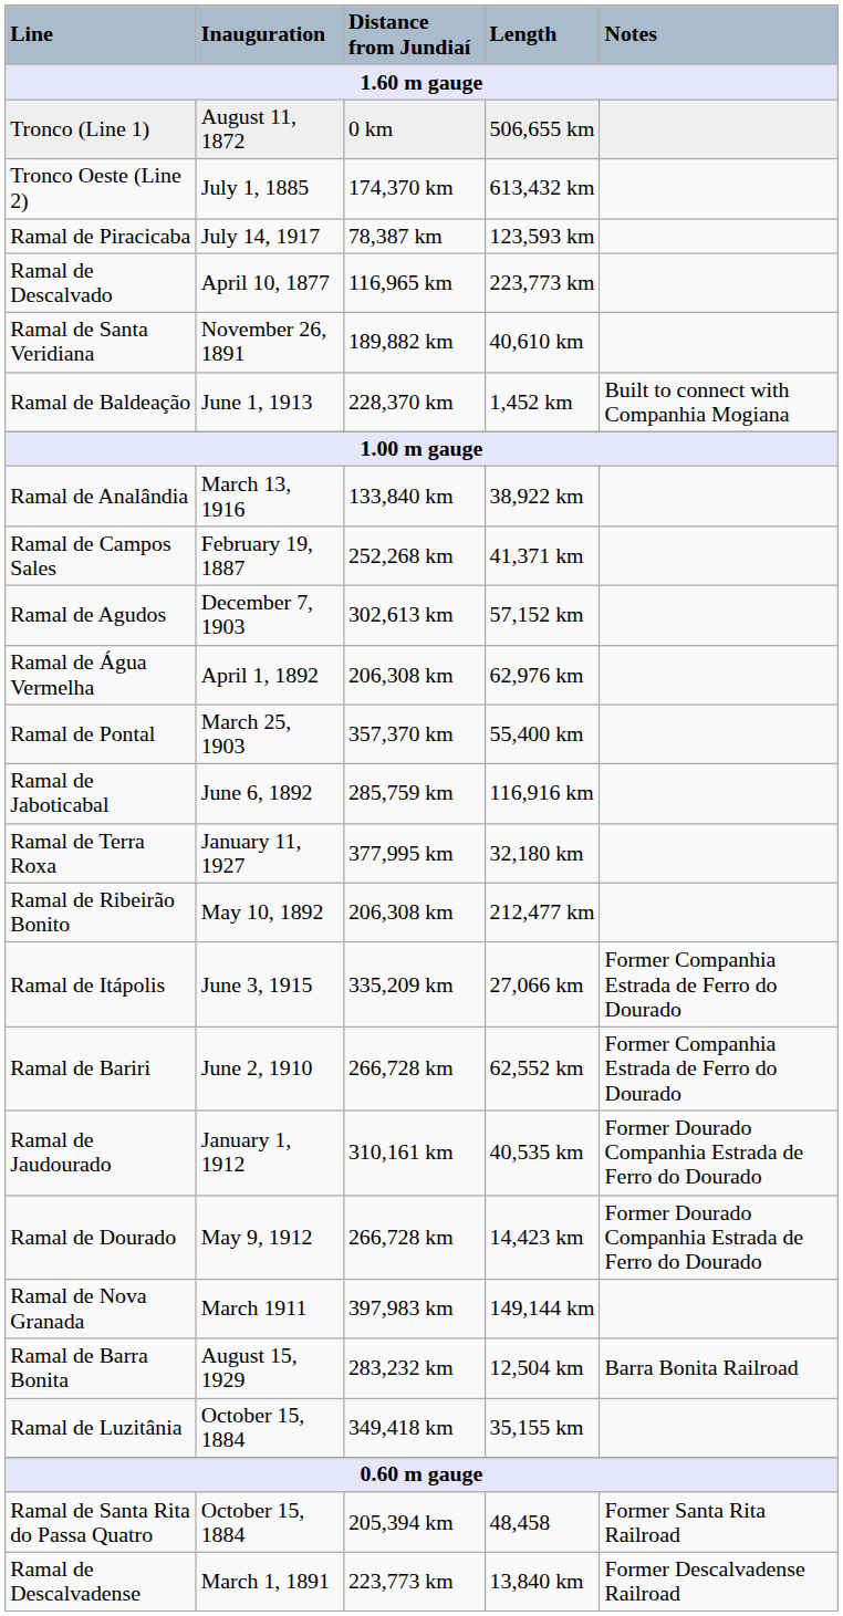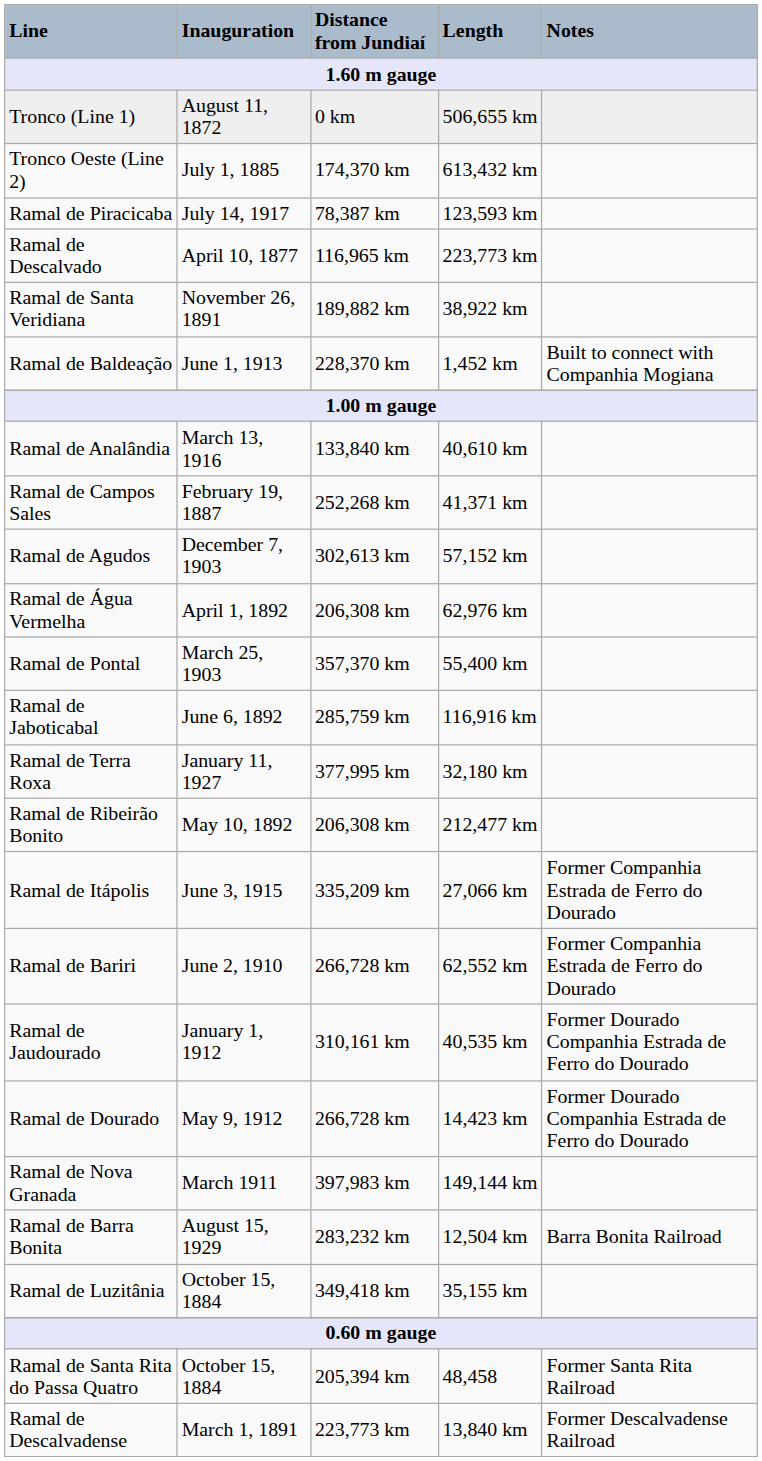 <table class="wikitable">
 <tr>
 <th style="text-align: left; background: #aabccc;">Line</th>
 <th style="text-align: left; background: #aabccc;">Inauguration</th>
 <th style="text-align: left; background: #aabccc;">Distance from Jundiaí</th>
 <th style="text-align: left; background: #aabccc;">Length</th>
 <th style="text-align: left; background: #aabccc;">Notes</th>
 </tr>
 <tr ---->
 <th style="align: center; background: lavender;" colspan="7">1.60 m gauge</th>
 </tr>
 <tr style="background:#efefef; color:black">
 <td>Tronco (Line 1)</td>
 <td>August 11, 1872</td>
 <td>0 km</td>
 <td>506,655 km</td>
 <td></td>
 </tr>
 <tr>
 <td>Tronco Oeste (Line 2)</td>
 <td>July 1, 1885</td>
 <td>174,370 km</td>
 <td>613,432 km</td>
 <td></td>
 </tr>
 <tr>
 <td>Ramal de Piracicaba</td>
 <td>July 14, 1917</td>
 <td>78,387 km</td>
 <td>123,593 km</td>
 <td></td>
 </tr>
 <tr>
 <td>Ramal de Descalvado</td>
 <td>April 10, 1877</td>
 <td>116,965 km</td>
 <td>223,773 km</td>
 <td></td>
 </tr>
 <tr>
 <td>Ramal de Santa Veridiana</td>
 <td>November 26, 1891</td>
 <td>189,882 km</td>
-<td>40,610 km</td>
+<td>38,922 km</td>
 <td></td>
 </tr>
 <tr>
 <td>Ramal de Baldeação</td>
 <td>June 1, 1913</td>
 <td>228,370 km</td>
 <td>1,452 km</td>
 <td>Built to connect with Companhia Mogiana</td>
 </tr>
 <tr>
 </tr>
 <tr ---->
 <th style="align: center; background: lavender;" colspan="7">1.00 m gauge</th>
 </tr>
 <tr ---->
 <td>Ramal de Analândia</td>
 <td>March 13, 1916</td>
 <td>133,840 km</td>
-<td>38,922 km</td>
+<td>40,610 km</td>
 <td></td>
 </tr>
 <tr>
 <td>Ramal de Campos Sales</td>
 <td>February 19, 1887</td>
 <td>252,268 km</td>
 <td>41,371 km</td>
 <td></td>
 </tr>
 <tr>
 <td>Ramal de Agudos</td>
 <td>December 7, 1903</td>
 <td>302,613 km</td>
 <td>57,152 km</td>
 <td></td>
 </tr>
 <tr>
 <td>Ramal de Água Vermelha</td>
 <td>April 1, 1892</td>
 <td>206,308 km</td>
 <td>62,976 km</td>
 <td></td>
 </tr>
 <tr>
 <td>Ramal de Pontal</td>
 <td>March 25, 1903</td>
 <td>357,370 km</td>
 <td>55,400 km</td>
 <td></td>
 </tr>
 <tr>
 <td>Ramal de Jaboticabal</td>
 <td>June 6, 1892</td>
 <td>285,759 km</td>
 <td>116,916 km</td>
 <td></td>
 </tr>
 <tr>
 <td>Ramal de Terra Roxa</td>
 <td>January 11, 1927</td>
 <td>377,995 km</td>
 <td>32,180 km</td>
 <td></td>
 </tr>
 <tr>
 <td>Ramal de Ribeirão Bonito</td>
 <td>May 10, 1892</td>
 <td>206,308 km</td>
 <td>212,477 km</td>
 <td></td>
 </tr>
 <tr>
 <td>Ramal de Itápolis</td>
 <td>June 3, 1915</td>
 <td>335,209 km</td>
 <td>27,066 km</td>
 <td>Former Companhia Estrada de Ferro do Dourado</td>
 </tr>
 <tr>
 <td>Ramal de Bariri</td>
 <td>June 2, 1910</td>
 <td>266,728 km</td>
 <td>62,552 km</td>
 <td>Former Companhia Estrada de Ferro do Dourado</td>
 </tr>
 <tr>
 <td>Ramal de Jaudourado</td>
 <td>January 1, 1912</td>
 <td>310,161 km</td>
 <td>40,535 km</td>
 <td>Former Dourado Companhia Estrada de Ferro do Dourado</td>
 </tr>
 <tr>
 <td>Ramal de Dourado</td>
 <td>May 9, 1912</td>
 <td>266,728 km</td>
 <td>14,423 km</td>
 <td>Former Dourado Companhia Estrada de Ferro do Dourado</td>
 </tr>
 <tr>
 <td>Ramal de Nova Granada</td>
 <td>March 1911</td>
 <td>397,983 km</td>
 <td>149,144 km</td>
 <td></td>
 </tr>
 <tr>
 <td>Ramal de Barra Bonita</td>
 <td>August 15, 1929</td>
 <td>283,232 km</td>
 <td>12,504 km</td>
 <td>Barra Bonita Railroad</td>
 </tr>
 <tr>
 <td>Ramal de Luzitânia</td>
 <td>October 15, 1884</td>
 <td>349,418 km</td>
 <td>35,155 km</td>
 <td></td>
 </tr>
 <tr>
 </tr>
 <tr ---->
 <th style="align: center; background: lavender;" colspan="7">0.60 m gauge</th>
 </tr>
 <tr ---->
 <td>Ramal de Santa Rita do Passa Quatro</td>
 <td>October 15, 1884</td>
 <td>205,394 km</td>
 <td>48,458</td>
 <td>Former Santa Rita Railroad</td>
 </tr>
 <tr>
 <td>Ramal de Descalvadense</td>
 <td>March 1, 1891</td>
 <td>223,773 km</td>
 <td>13,840 km</td>
 <td>Former Descalvadense Railroad</td>
 </tr>
 <tr>
 </tr>
 </table>
